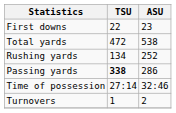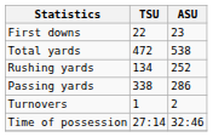 <table class="wikitable">
 <tr>
 <th>Statistics</th>
 <th>TSU</th>
 <th>ASU</th>
 </tr>
 <tr>
 <td>First downs</td>
 <td>22</td>
 <td>23</td>
 </tr>
 <tr>
 <td>Total yards</td>
 <td>472</td>
 <td>538</td>
 </tr>
 <tr>
 <td>Rushing yards</td>
 <td>134</td>
 <td>252</td>
 </tr>
 <tr>
 <td>Passing yards</td>
-<td><strong>338</strong></td>
+<td>338</td>
 <td>286</td>
+</tr>
+<tr>
+<td>Turnovers</td>
+<td>1</td>
+<td>2</td>
 </tr>
 <tr>
 <td>Time of possession</td>
 <td>27:14</td>
 <td>32:46</td>
 </tr>
 <tr>
-<td>Turnovers</td>
-<td>1</td>
-<td>2</td>
-</tr>
-<tr>
 </tr>
 </table>
